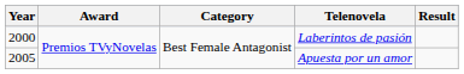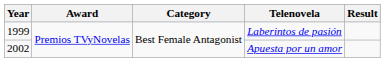 <table class="wikitable">
 <tr style="background:#b0c4de;">
 <th>Year</th>
 <th>Award</th>
 <th>Category</th>
 <th>Telenovela</th>
 <th>Result</th>
 </tr>
 <tr>
-<td>2000</td>
+<td>1999</td>
 <td rowspan=2><a href='#'>Premios TVyNovelas</a></td>
 <td rowspan=2>Best Female Antagonist</td>
 <td><em><a href='#'>Laberintos de pasión</a></em></td>
 <td></td>
 </tr>
 <tr>
-<td>2005</td>
+<td>2002</td>
 <td><em><a href='#'>Apuesta por un amor</a></em></td>
 <td><em> </em></td>
 </tr>
 </table>
